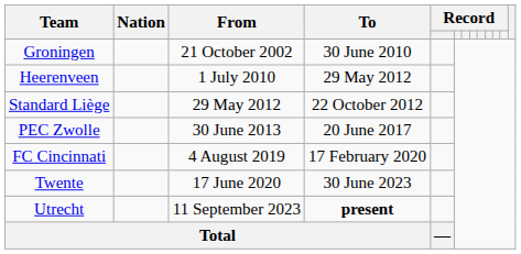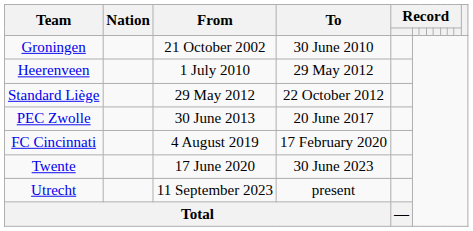 <table class="wikitable" style="text-align: center;">
 <tr>
 <th rowspan="2">Team</th>
 <th rowspan="2">Nation</th>
 <th rowspan="2">From</th>
 <th rowspan="2">To</th>
 <th colspan="8">Record</th>
 <th rowspan=2></th>
 </tr>
 <tr>
 <th></th>
 <th></th>
 <th></th>
 <th></th>
 <th></th>
 <th></th>
 <th></th>
 <th></th>
 </tr>
 <tr>
 <td align=center><a href='#'>Groningen</a></td>
 <td></td>
 <td align=center>21 October 2002</td>
 <td align=center>30 June 2010<br></td>
 <td></td>
 </tr>
 <tr>
 <td align=center><a href='#'>Heerenveen</a></td>
 <td></td>
 <td align=center>1 July 2010</td>
 <td align=center>29 May 2012<br></td>
 <td></td>
 </tr>
 <tr>
 <td align=center><a href='#'>Standard Liège</a></td>
 <td></td>
 <td align=center>29 May 2012</td>
 <td align=center>22 October 2012<br></td>
 <td></td>
 </tr>
 <tr>
 <td align=center><a href='#'>PEC Zwolle</a></td>
 <td></td>
 <td align=center>30 June 2013</td>
 <td align=center>20 June 2017<br></td>
 <td></td>
 </tr>
 <tr>
 <td align=center><a href='#'>FC Cincinnati</a></td>
 <td></td>
 <td align=center>4 August 2019</td>
 <td align=center>17 February 2020<br></td>
 <td></td>
 </tr>
 <tr>
 <td align=center><a href='#'>Twente</a></td>
 <td></td>
 <td align=center>17 June 2020</td>
 <td align=center>30 June 2023<br></td>
 <td></td>
 </tr>
 <tr>
 <td align=center><a href='#'>Utrecht</a></td>
 <td></td>
 <td align=center>11 September 2023</td>
-<td align=center><strong>present<br></strong></td>
+<td align=center>present<br></td>
 <td></td>
 </tr>
 <tr>
 <th colspan="4">Total<br></th>
 <th>—</th>
 </tr>
 </table>
